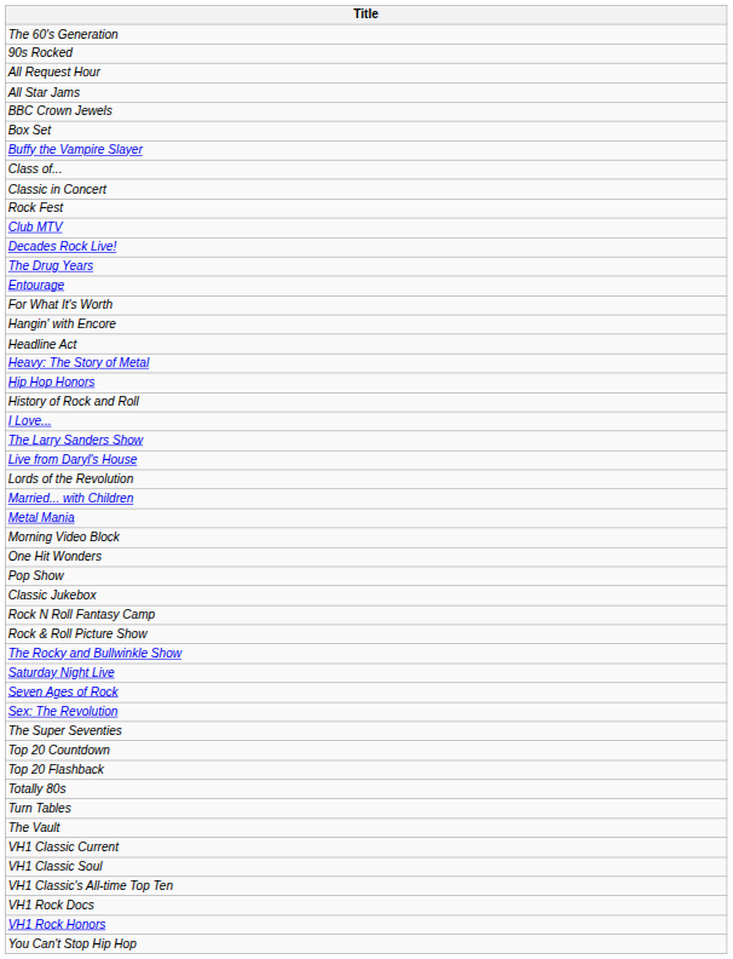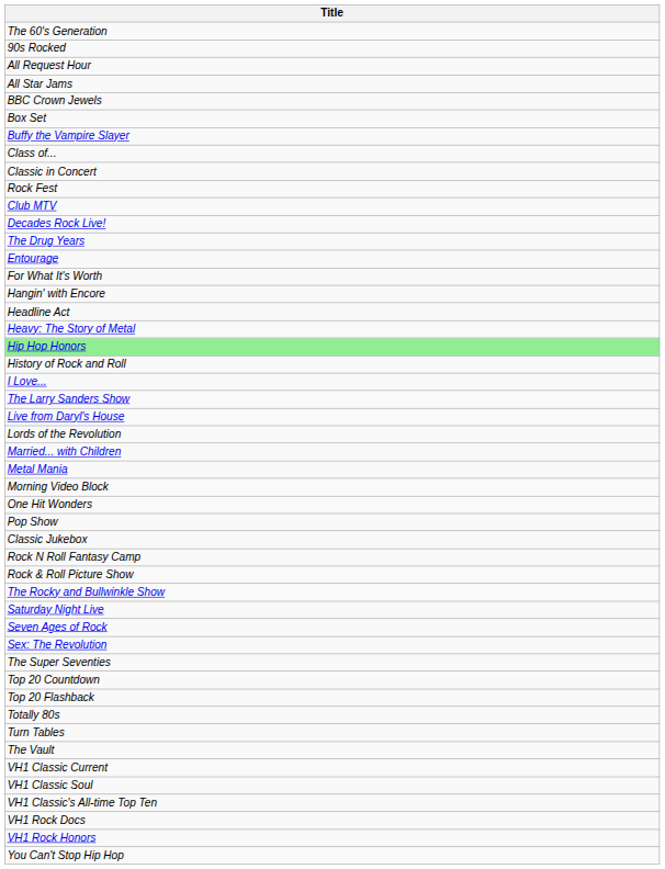 <table class="wikitable plainrowheaders sortable" style="width:75%;text-align:center;">
 <tr>
 <th scope="col" style="width:75%;">Title</th>
 </tr>
 <tr>
 <td scope="row" style="text-align:left;"><em>The 60's Generation</em></td>
 </tr>
 <tr>
 <td scope="row" style="text-align:left;"><em>90s Rocked</em></td>
 </tr>
 <tr>
 <td scope="row" style="text-align:left;"><em>All Request Hour</em></td>
 </tr>
 <tr>
 <td scope="row" style="text-align:left;"><em>All Star Jams</em></td>
 </tr>
 <tr>
 <td scope="row" style="text-align:left;"><em>BBC Crown Jewels</em></td>
 </tr>
 <tr>
 <td scope="row" style="text-align:left;"><em>Box Set</em></td>
 </tr>
 <tr>
 <td scope="row" style="text-align:left;"><em><a href='#'>Buffy the Vampire Slayer</a></em></td>
 </tr>
 <tr>
 <td scope="row" style="text-align:left;"><em>Class of...</em></td>
 </tr>
 <tr>
 <td scope="row" style="text-align:left;"><em>Classic in Concert</em></td>
 </tr>
 <tr>
 <td scope="row" style="text-align:left;"><em>Rock Fest</em></td>
 </tr>
 <tr>
 <td scope="row" style="text-align:left;"><em><a href='#'>Club MTV</a></em></td>
 </tr>
 <tr>
 <td scope="row" style="text-align:left;"><em><a href='#'>Decades Rock Live!</a></em></td>
 </tr>
 <tr>
 <td scope="row" style="text-align:left;"><em><a href='#'>The Drug Years</a></em></td>
 </tr>
 <tr>
 <td scope="row" style="text-align:left;"><em><a href='#'>Entourage</a></em></td>
 </tr>
 <tr>
 <td scope="row" style="text-align:left;"><em>For What It's Worth</em></td>
 </tr>
 <tr>
 <td scope="row" style="text-align:left;"><em>Hangin' with Encore</em></td>
 </tr>
 <tr>
 <td scope="row" style="text-align:left;"><em>Headline Act</em></td>
 </tr>
 <tr>
 <td scope="row" style="text-align:left;"><em><a href='#'>Heavy: The Story of Metal</a></em></td>
 </tr>
 <tr>
-<td scope="row" style="text-align:left;"><em><a href='#'>Hip Hop Honors</a></em></td>
+<td scope="row" style="background: lightgreen; text-align:left;"><em><a href='#'>Hip Hop Honors</a></em></td>
 </tr>
 <tr>
 <td scope="row" style="text-align:left;"><em>History of Rock and Roll</em></td>
 </tr>
 <tr>
 <td scope="row" style="text-align:left;"><em><a href='#'>I Love...</a></em></td>
 </tr>
 <tr>
 <td scope="row" style="text-align:left;"><em><a href='#'>The Larry Sanders Show</a></em></td>
 </tr>
 <tr>
 <td scope="row" style="text-align:left;"><em><a href='#'>Live from Daryl's House</a></em></td>
 </tr>
 <tr>
 <td scope="row" style="text-align:left;"><em>Lords of the Revolution</em></td>
 </tr>
 <tr>
 <td scope="row" style="text-align:left;"><em><a href='#'>Married... with Children</a></em></td>
 </tr>
 <tr>
 <td scope="row" style="text-align:left;"><em><a href='#'>Metal Mania</a></em></td>
 </tr>
 <tr>
 <td scope="row" style="text-align:left;"><em>Morning Video Block</em></td>
 </tr>
 <tr>
 <td scope="row" style="text-align:left;"><em>One Hit Wonders</em></td>
 </tr>
 <tr>
 <td scope="row" style="text-align:left;"><em>Pop Show</em></td>
 </tr>
 <tr>
 <td scope="row" style="text-align:left;"><em>Classic Jukebox</em></td>
 </tr>
 <tr>
 <td scope="row" style="text-align:left;"><em>Rock N Roll Fantasy Camp</em></td>
 </tr>
 <tr>
 <td scope="row" style="text-align:left;"><em>Rock & Roll Picture Show</em></td>
 </tr>
 <tr>
 <td scope="row" style="text-align:left;"><em><a href='#'>The Rocky and Bullwinkle Show</a></em></td>
 </tr>
 <tr>
 <td scope="row" style="text-align:left;"><em><a href='#'>Saturday Night Live</a></em></td>
 </tr>
 <tr>
 <td scope="row" style="text-align:left;"><em><a href='#'>Seven Ages of Rock</a></em></td>
 </tr>
 <tr>
 <td scope="row" style="text-align:left;"><em><a href='#'>Sex: The Revolution</a></em></td>
 </tr>
 <tr>
 <td scope="row" style="text-align:left;"><em>The Super Seventies</em></td>
 </tr>
 <tr>
 <td scope="row" style="text-align:left;"><em>Top 20 Countdown</em></td>
 </tr>
 <tr>
 <td scope="row" style="text-align:left;"><em>Top 20 Flashback</em></td>
 </tr>
 <tr>
 <td scope="row" style="text-align:left;"><em>Totally 80s</em></td>
 </tr>
 <tr>
 <td scope="row" style="text-align:left;"><em>Turn Tables</em></td>
 </tr>
 <tr>
 <td scope="row" style="text-align:left;"><em>The Vault</em></td>
 </tr>
 <tr>
 <td scope="row" style="text-align:left;"><em>VH1 Classic Current</em></td>
 </tr>
 <tr>
 <td scope="row" style="text-align:left;"><em>VH1 Classic Soul</em></td>
 </tr>
 <tr>
 <td scope="row" style="text-align:left;"><em>VH1 Classic's All-time Top Ten</em></td>
 </tr>
 <tr>
 <td scope="row" style="text-align:left;"><em>VH1 Rock Docs</em></td>
 </tr>
 <tr>
 <td scope="row" style="text-align:left;"><em><a href='#'>VH1 Rock Honors</a></em></td>
 </tr>
 <tr>
 <td scope="row" style="text-align:left;"><em>You Can't Stop Hip Hop</em></td>
 </tr>
 </table>
